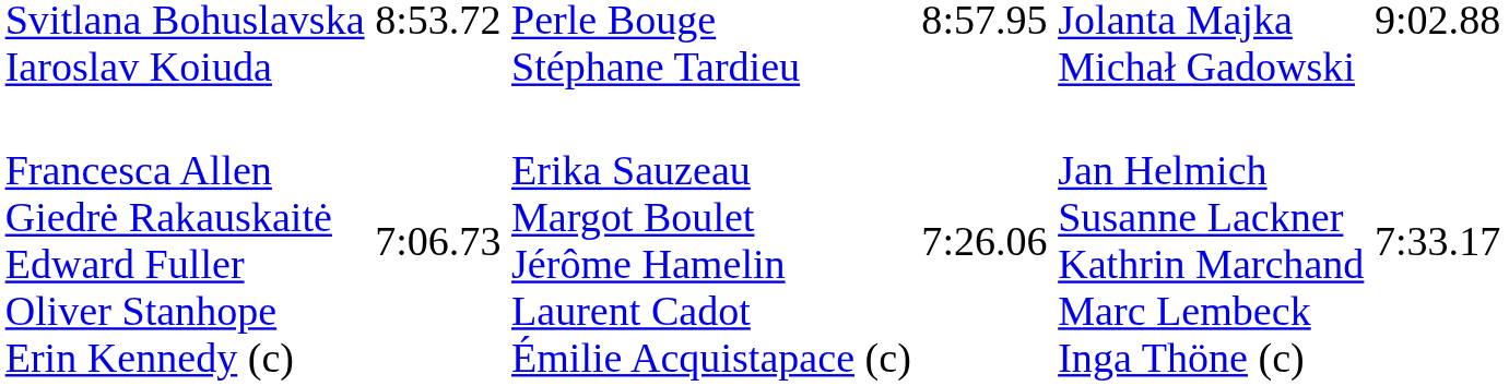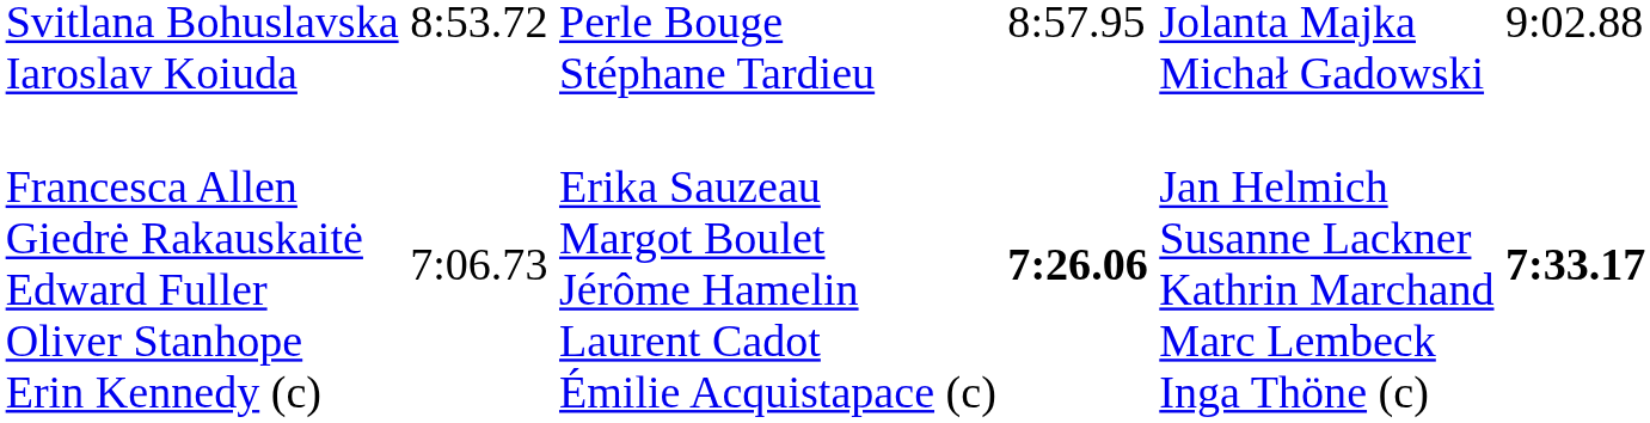 <table>
 <tr>
 <th></th>
 <td><br><a href='#'>Svitlana Bohuslavska</a><br><a href='#'>Iaroslav Koiuda</a></td>
 <td>8:53.72</td>
 <td><br><a href='#'>Perle Bouge</a><br><a href='#'>Stéphane Tardieu</a></td>
 <td>8:57.95</td>
 <td><br><a href='#'>Jolanta Majka</a><br><a href='#'>Michał Gadowski</a></td>
 <td>9:02.88</td>
 </tr>
 <tr>
 <th></th>
 <td><br><a href='#'>Francesca Allen</a><br><a href='#'>Giedrė Rakauskaitė</a><br><a href='#'>Edward Fuller</a><br><a href='#'>Oliver Stanhope</a><br><a href='#'>Erin Kennedy</a> (c)</td>
 <td>7:06.73</td>
 <td><br><a href='#'>Erika Sauzeau</a><br><a href='#'>Margot Boulet</a><br><a href='#'>Jérôme Hamelin</a><br><a href='#'>Laurent Cadot</a><br><a href='#'>Émilie Acquistapace</a> (c)</td>
-<td>7:26.06</td>
+<td><strong>7:26.06</strong></td>
 <td><br><a href='#'>Jan Helmich</a><br><a href='#'>Susanne Lackner</a><br><a href='#'>Kathrin Marchand</a><br><a href='#'>Marc Lembeck</a><br><a href='#'>Inga Thöne</a> (c)</td>
-<td>7:33.17</td>
+<td><strong>7:33.17</strong></td>
 </tr>
 </table>
